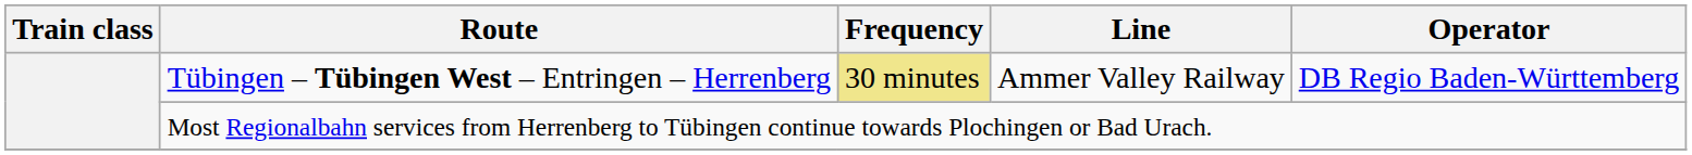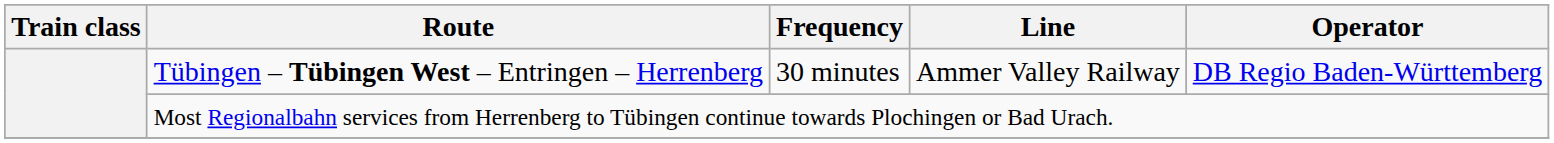 <table class="wikitable">
 <tr>
 <th>Train class</th>
 <th>Route</th>
 <th>Frequency</th>
 <th>Line</th>
 <th>Operator</th>
 </tr>
 <tr>
 <th rowspan="2"></th>
 <td><a href='#'>Tübingen</a> – <strong>Tübingen West</strong> – Entringen – <a href='#'>Herrenberg</a></td>
-<td style="background: khaki;">30 minutes</td>
+<td>30 minutes</td>
 <td>Ammer Valley Railway</td>
 <td><a href='#'>DB Regio Baden-Württemberg</a></td>
 </tr>
 <tr>
 <td colspan="4"><small>Most <a href='#'>Regionalbahn</a> services from Herrenberg to Tübingen continue towards Plochingen or Bad Urach.</small></td>
 </tr>
 <tr>
 </tr>
 </table>
